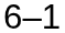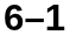 <table style="text-align:center">
 <tr>
 <th width=200></th>
 <th width=100></th>
 <th width=200></th>
 </tr>
 <tr>
 <td align=right></td>
-<td>6–1</td>
+<td><strong>6–1</strong></td>
 <td align=left></td>
 </tr>
 </table>
